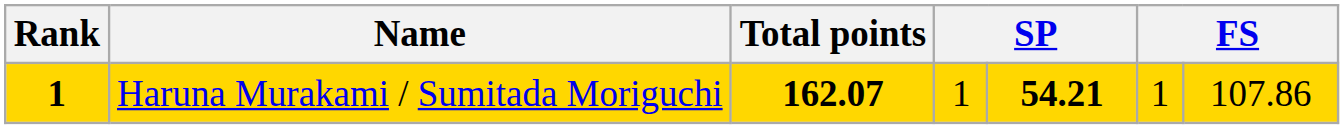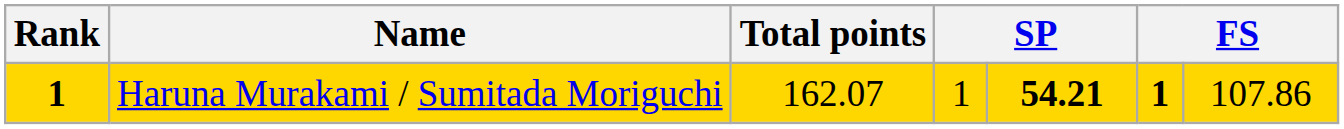 <table class="wikitable sortable">
 <tr>
 <th>Rank</th>
 <th>Name</th>
 <th>Total points</th>
 <th colspan="2" width="80px"><a href='#'>SP</a></th>
 <th colspan="2" width="80px"><a href='#'>FS</a></th>
 </tr>
 <tr bgcolor="gold">
 <td align="center"><strong>1</strong></td>
 <td><a href='#'>Haruna Murakami</a> / <a href='#'>Sumitada Moriguchi</a></td>
-<td align="center"><strong>162.07</strong></td>
+<td align="center">162.07</td>
 <td align="center">1</td>
 <td align="center"><strong>54.21</strong></td>
-<td align="center">1</td>
+<td align="center"><strong>1</strong></td>
 <td align="center">107.86</td>
 </tr>
 </table>
